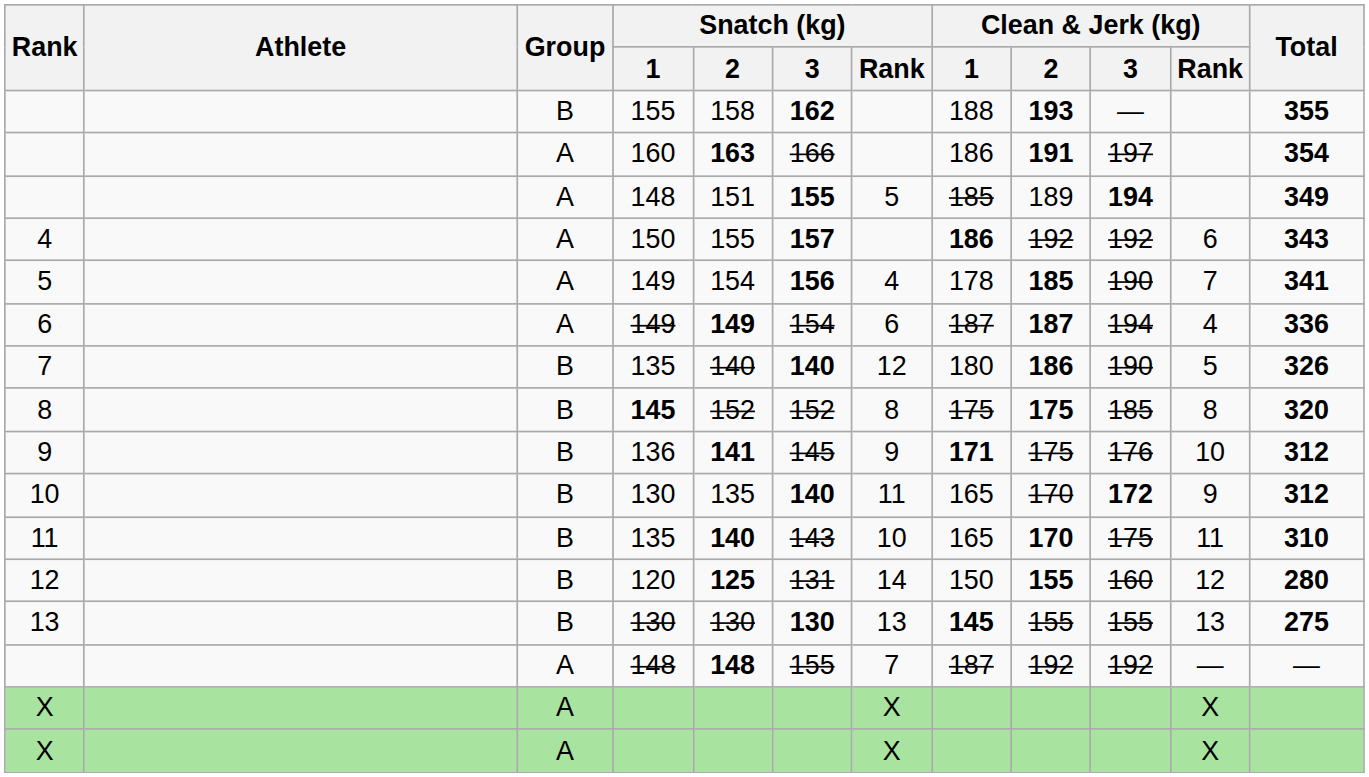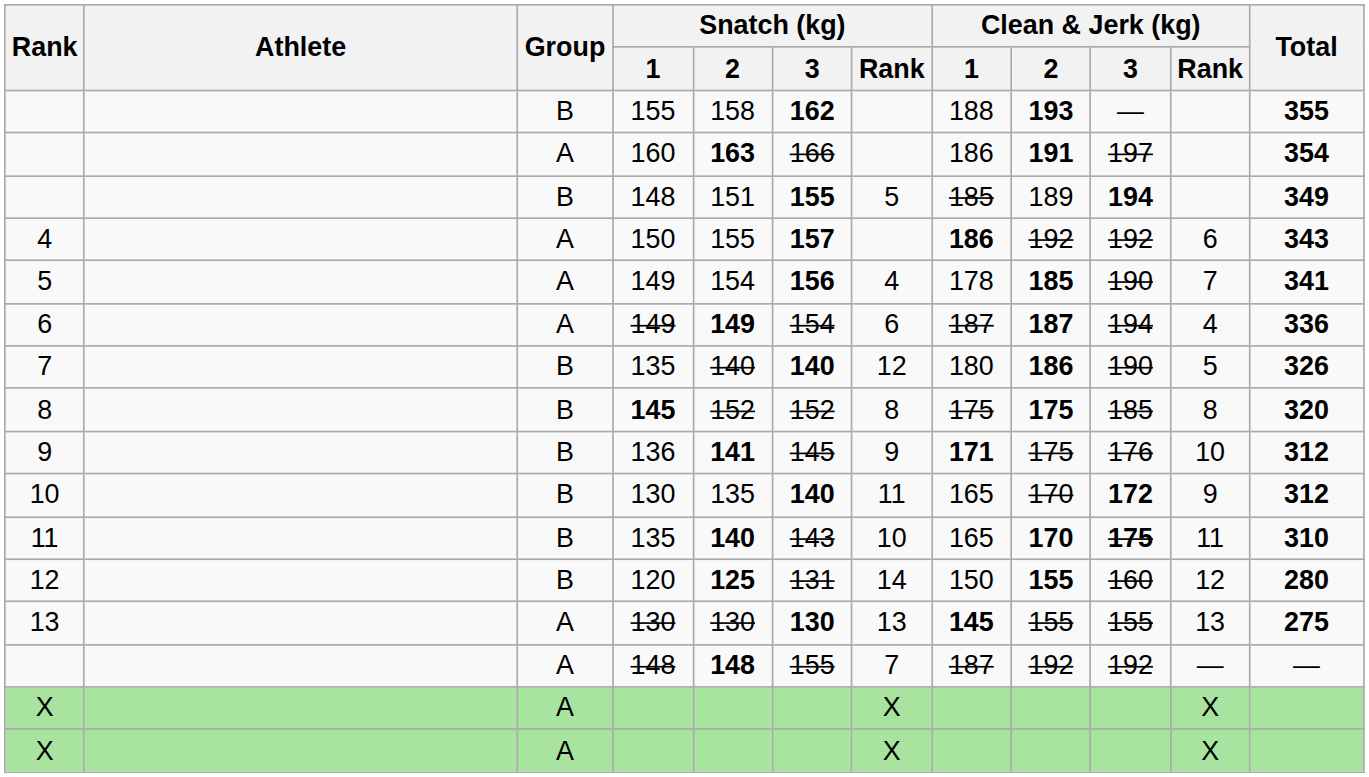 <table class = "wikitable" style="text-align:center;">
 <tr>
 <th rowspan=2 width=40>Rank</th>
 <th rowspan=2 width=250>Athlete</th>
 <th rowspan=2 width=50>Group</th>
 <th colspan=4>Snatch (kg)</th>
 <th colspan=4>Clean & Jerk (kg)</th>
 <th rowspan=2 width=60>Total</th>
 </tr>
 <tr>
 <th width=40>1</th>
 <th width=40>2</th>
 <th width=40>3</th>
 <th width=40>Rank</th>
 <th width=40>1</th>
 <th width=40>2</th>
 <th width=40>3</th>
 <th width=40>Rank</th>
 </tr>
 <tr>
 <td></td>
 <td align=left></td>
 <td>B</td>
 <td>155</td>
 <td>158</td>
 <td><strong>162</strong></td>
 <td></td>
 <td>188</td>
 <td><strong>193</strong></td>
 <td>—</td>
 <td></td>
 <td><strong>355</strong></td>
 </tr>
 <tr>
 <td></td>
 <td align=left></td>
 <td>A</td>
 <td>160</td>
 <td><strong>163</strong></td>
 <td><s>166</s></td>
 <td></td>
 <td>186</td>
 <td><strong>191</strong></td>
 <td><s>197</s></td>
 <td></td>
 <td><strong>354</strong></td>
 </tr>
 <tr>
 <td></td>
 <td align=left></td>
-<td>A</td>
+<td>B</td>
 <td>148</td>
 <td>151</td>
 <td><strong>155</strong></td>
 <td>5</td>
 <td><s>185</s></td>
 <td>189</td>
 <td><strong>194</strong></td>
 <td></td>
 <td><strong>349</strong></td>
 </tr>
 <tr>
 <td>4</td>
 <td align=left></td>
 <td>A</td>
 <td>150</td>
 <td>155</td>
 <td><strong>157</strong></td>
 <td></td>
 <td><strong>186</strong></td>
 <td><s>192</s></td>
 <td><s>192</s></td>
 <td>6</td>
 <td><strong>343</strong></td>
 </tr>
 <tr>
 <td>5</td>
 <td align=left></td>
 <td>A</td>
 <td>149</td>
 <td>154</td>
 <td><strong>156</strong></td>
 <td>4</td>
 <td>178</td>
 <td><strong>185</strong></td>
 <td><s>190</s></td>
 <td>7</td>
 <td><strong>341</strong></td>
 </tr>
 <tr>
 <td>6</td>
 <td align=left></td>
 <td>A</td>
 <td><s>149</s></td>
 <td><strong>149</strong></td>
 <td><s>154</s></td>
 <td>6</td>
 <td><s>187</s></td>
 <td><strong>187</strong></td>
 <td><s>194</s></td>
 <td>4</td>
 <td><strong>336</strong></td>
 </tr>
 <tr>
 <td>7</td>
 <td align=left></td>
 <td>B</td>
 <td>135</td>
 <td><s>140</s></td>
 <td><strong>140</strong></td>
 <td>12</td>
 <td>180</td>
 <td><strong>186</strong></td>
 <td><s>190</s></td>
 <td>5</td>
 <td><strong>326</strong></td>
 </tr>
 <tr>
 <td>8</td>
 <td align=left></td>
 <td>B</td>
 <td><strong>145</strong></td>
 <td><s>152</s></td>
 <td><s>152</s></td>
 <td>8</td>
 <td><s>175</s></td>
 <td><strong>175</strong></td>
 <td><s>185</s></td>
 <td>8</td>
 <td><strong>320</strong></td>
 </tr>
 <tr>
 <td>9</td>
 <td align=left></td>
 <td>B</td>
 <td>136</td>
 <td><strong>141</strong></td>
 <td><s>145</s></td>
 <td>9</td>
 <td><strong>171</strong></td>
 <td><s>175</s></td>
 <td><s>176</s></td>
 <td>10</td>
 <td><strong>312</strong></td>
 </tr>
 <tr>
 <td>10</td>
 <td align=left></td>
 <td>B</td>
 <td>130</td>
 <td>135</td>
 <td><strong>140</strong></td>
 <td>11</td>
 <td>165</td>
 <td><s>170</s></td>
 <td><strong>172</strong></td>
 <td>9</td>
 <td><strong>312</strong></td>
 </tr>
 <tr>
 <td>11</td>
 <td align=left></td>
 <td>B</td>
 <td>135</td>
 <td><strong>140</strong></td>
 <td><s>143</s></td>
 <td>10</td>
 <td>165</td>
 <td><strong>170</strong></td>
-<td><s>175</s></td>
+<td><strong><s>175</s></strong></td>
 <td>11</td>
 <td><strong>310</strong></td>
 </tr>
 <tr>
 <td>12</td>
 <td align=left></td>
 <td>B</td>
 <td>120</td>
 <td><strong>125</strong></td>
 <td><s>131</s></td>
 <td>14</td>
 <td>150</td>
 <td><strong>155</strong></td>
 <td><s>160</s></td>
 <td>12</td>
 <td><strong>280</strong></td>
 </tr>
 <tr>
 <td>13</td>
 <td align=left></td>
-<td>B</td>
+<td>A</td>
 <td><s>130</s></td>
 <td><s>130</s></td>
 <td><strong>130</strong></td>
 <td>13</td>
 <td><strong>145</strong></td>
 <td><s>155</s></td>
 <td><s>155</s></td>
 <td>13</td>
 <td><strong>275</strong></td>
 </tr>
 <tr>
 <td></td>
 <td align=left></td>
 <td>A</td>
 <td><s>148</s></td>
 <td><strong>148</strong></td>
 <td><s>155</s></td>
 <td>7</td>
 <td><s>187</s></td>
 <td><s>192</s></td>
 <td><s>192</s></td>
 <td>—</td>
 <td>—</td>
 </tr>
 <tr bgcolor=#A8E4A0>
 <td>X</td>
 <td align=left></td>
 <td>A</td>
 <td><strong>  </strong></td>
 <td><s></s></td>
 <td><s></s></td>
 <td>X</td>
 <td></td>
 <td></td>
 <td><strong>  </strong></td>
 <td>X</td>
 <td><strong>  </strong></td>
 </tr>
 <tr bgcolor=#A8E4A0>
 <td>X</td>
 <td align=left></td>
 <td>A</td>
 <td><strong>  </strong></td>
 <td><s></s></td>
 <td><s></s></td>
 <td>X</td>
 <td></td>
 <td></td>
 <td><strong>  </strong></td>
 <td>X</td>
 <td><strong>  </strong></td>
 </tr>
 </table>
